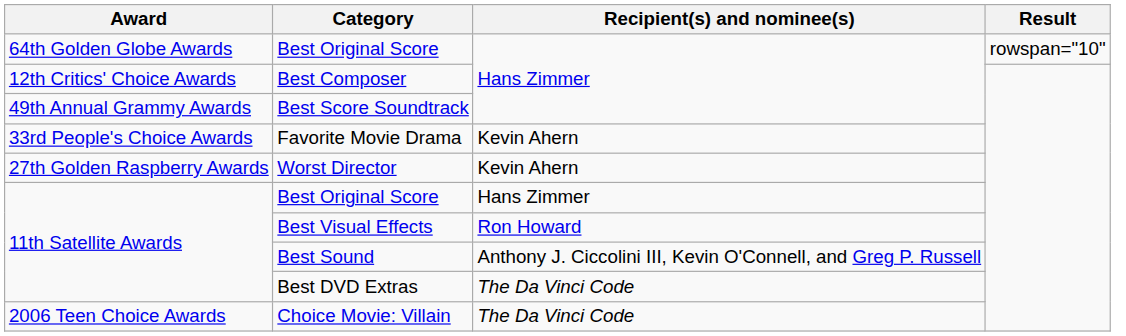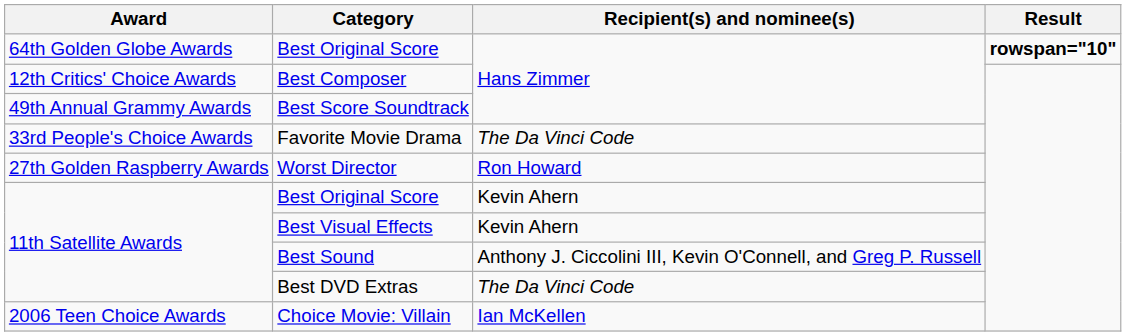 <table class="wikitable">
 <tr>
 <th>Award</th>
 <th>Category</th>
 <th>Recipient(s) and nominee(s)</th>
 <th>Result</th>
 </tr>
 <tr>
 <td><a href='#'>64th Golden Globe Awards</a></td>
 <td><a href='#'>Best Original Score</a></td>
 <td rowspan="3"><a href='#'>Hans Zimmer</a></td>
-<td>rowspan="10" </td>
+<td><strong>rowspan="10" </strong></td>
 </tr>
 <tr>
 <td><a href='#'>12th Critics' Choice Awards</a></td>
 <td><a href='#'>Best Composer</a></td>
 </tr>
 <tr>
 <td><a href='#'>49th Annual Grammy Awards</a></td>
 <td><a href='#'>Best Score Soundtrack</a></td>
 </tr>
 <tr>
 <td><a href='#'>33rd People's Choice Awards</a></td>
 <td>Favorite Movie Drama</td>
-<td>Kevin Ahern</td>
+<td><em>The Da Vinci Code</em></td>
 </tr>
 <tr>
 <td><a href='#'>27th Golden Raspberry Awards</a></td>
 <td><a href='#'>Worst Director</a></td>
-<td>Kevin Ahern</td>
+<td><a href='#'>Ron Howard</a></td>
 </tr>
 <tr>
 <td rowspan="4"><a href='#'>11th Satellite Awards</a></td>
 <td><a href='#'>Best Original Score</a></td>
-<td>Hans Zimmer</td>
+<td>Kevin Ahern</td>
 </tr>
 <tr>
 <td><a href='#'>Best Visual Effects</a></td>
-<td><a href='#'>Ron Howard</a></td>
+<td>Kevin Ahern</td>
 </tr>
 <tr>
 <td><a href='#'>Best Sound</a></td>
 <td>Anthony J. Ciccolini III, Kevin O'Connell, and <a href='#'>Greg P. Russell</a></td>
 </tr>
 <tr>
 <td>Best DVD Extras</td>
 <td><em>The Da Vinci Code</em></td>
 </tr>
 <tr>
 <td><a href='#'>2006 Teen Choice Awards</a></td>
 <td><a href='#'>Choice Movie: Villain</a></td>
-<td><em>The Da Vinci Code</em></td>
+<td><a href='#'>Ian McKellen</a></td>
 </tr>
 </table>
